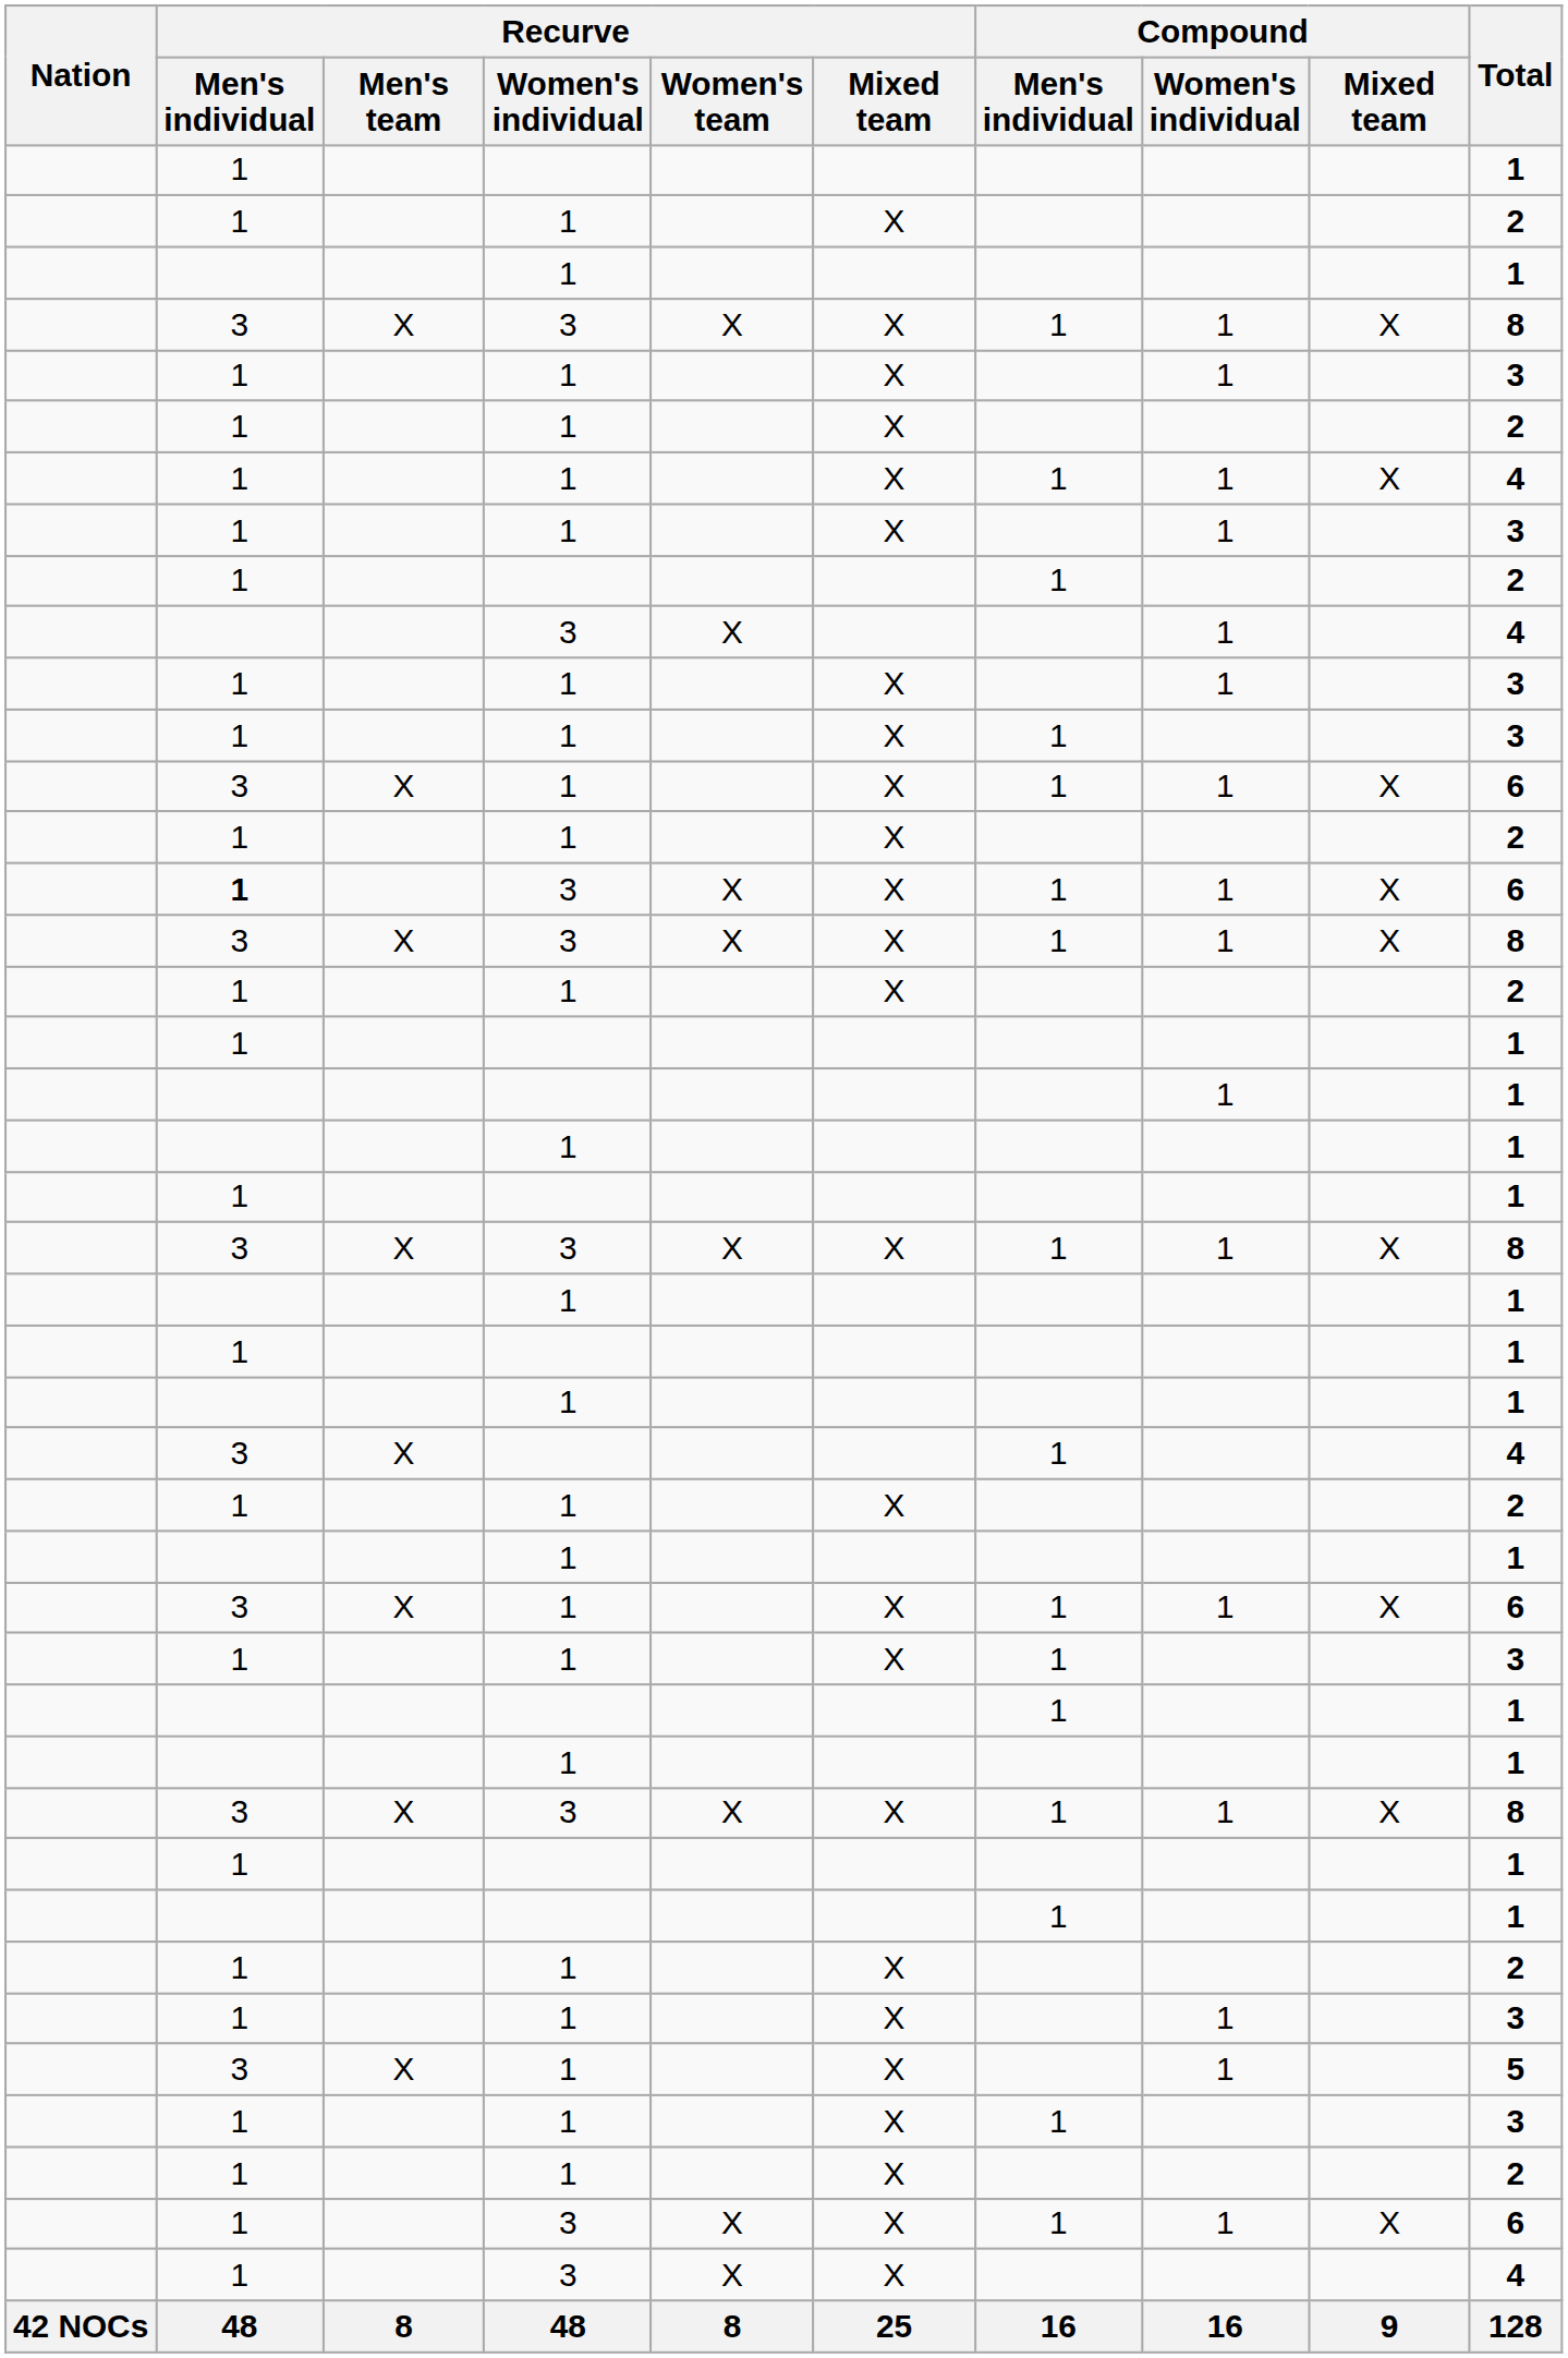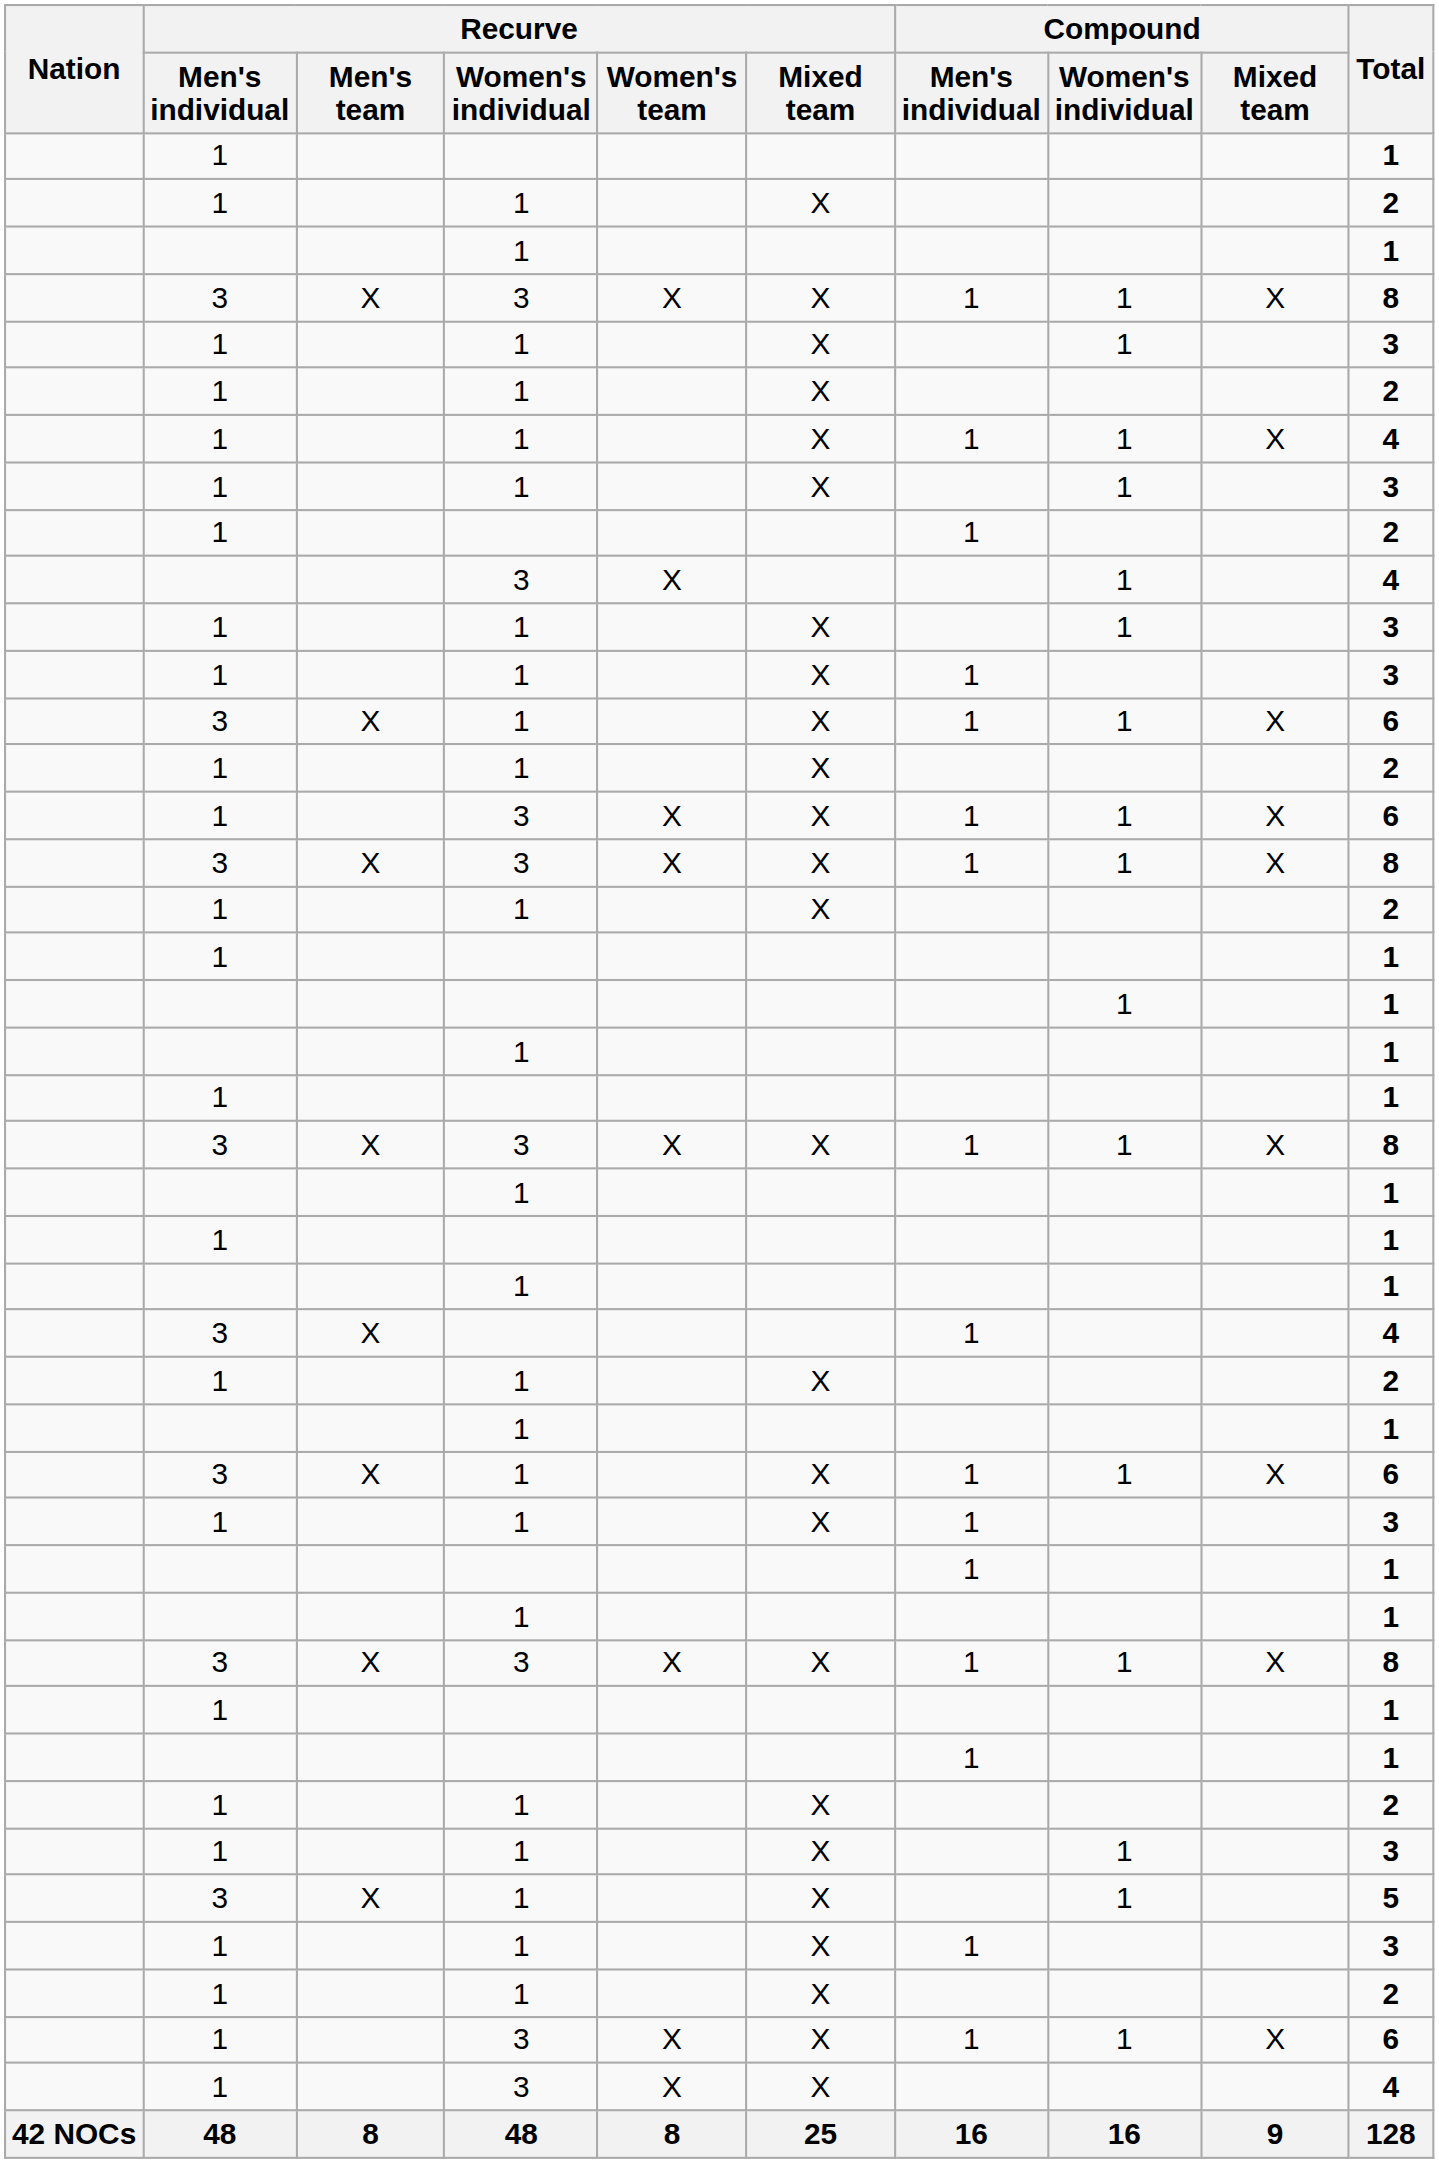 <table class="wikitable" style="text-align:center; font-size:90%">
 <tr>
 <th rowspan=2 align=left>Nation</th>
 <th colspan=5>Recurve</th>
 <th colspan=3>Compound</th>
 <th rowspan=2>Total</th>
 </tr>
 <tr>
 <th width=65>Men's<br>individual</th>
 <th width=65>Men's<br>team</th>
 <th width=65>Women's<br>individual</th>
 <th width=65>Women's<br>team</th>
 <th width=65>Mixed<br>team</th>
 <th width=65>Men's<br>individual</th>
 <th width=65>Women's<br>individual</th>
 <th width=65>Mixed<br>team</th>
 </tr>
 <tr>
 <td align=left></td>
 <td>1</td>
 <td></td>
 <td></td>
 <td></td>
 <td></td>
 <td></td>
 <td></td>
 <td></td>
 <td><strong>1</strong></td>
 </tr>
 <tr>
 <td align=left></td>
 <td>1</td>
 <td></td>
 <td>1</td>
 <td></td>
 <td>X</td>
 <td></td>
 <td></td>
 <td></td>
 <td><strong>2</strong></td>
 </tr>
 <tr>
 <td align=left></td>
 <td></td>
 <td></td>
 <td>1</td>
 <td></td>
 <td></td>
 <td></td>
 <td></td>
 <td></td>
 <td><strong>1</strong></td>
 </tr>
 <tr>
 <td align=left></td>
 <td>3</td>
 <td>X</td>
 <td>3</td>
 <td>X</td>
 <td>X</td>
 <td>1</td>
 <td>1</td>
 <td>X</td>
 <td><strong>8</strong></td>
 </tr>
 <tr>
 <td align=left></td>
 <td>1</td>
 <td></td>
 <td>1</td>
 <td></td>
 <td>X</td>
 <td></td>
 <td>1</td>
 <td></td>
 <td><strong>3</strong></td>
 </tr>
 <tr>
 <td align=left></td>
 <td>1</td>
 <td></td>
 <td>1</td>
 <td></td>
 <td>X</td>
 <td></td>
 <td></td>
 <td></td>
 <td><strong>2</strong></td>
 </tr>
 <tr>
 <td align=left></td>
 <td>1</td>
 <td></td>
 <td>1</td>
 <td></td>
 <td>X</td>
 <td>1</td>
 <td>1</td>
 <td>X</td>
 <td><strong>4</strong></td>
 </tr>
 <tr>
 <td align=left></td>
 <td>1</td>
 <td></td>
 <td>1</td>
 <td></td>
 <td>X</td>
 <td></td>
 <td>1</td>
 <td></td>
 <td><strong>3</strong></td>
 </tr>
 <tr>
 <td align=left></td>
 <td>1</td>
 <td></td>
 <td></td>
 <td></td>
 <td></td>
 <td>1</td>
 <td></td>
 <td></td>
 <td><strong>2</strong></td>
 </tr>
 <tr>
 <td align=left></td>
 <td></td>
 <td></td>
 <td>3</td>
 <td>X</td>
 <td></td>
 <td></td>
 <td>1</td>
 <td></td>
 <td><strong>4</strong></td>
 </tr>
 <tr>
 <td align=left></td>
 <td>1</td>
 <td></td>
 <td>1</td>
 <td></td>
 <td>X</td>
 <td></td>
 <td>1</td>
 <td></td>
 <td><strong>3</strong></td>
 </tr>
 <tr>
 <td align=left></td>
 <td>1</td>
 <td></td>
 <td>1</td>
 <td></td>
 <td>X</td>
 <td>1</td>
 <td></td>
 <td></td>
 <td><strong>3</strong></td>
 </tr>
 <tr>
 <td align=left></td>
 <td>3</td>
 <td>X</td>
 <td>1</td>
 <td></td>
 <td>X</td>
 <td>1</td>
 <td>1</td>
 <td>X</td>
 <td><strong>6</strong></td>
 </tr>
 <tr>
 <td align=left></td>
 <td>1</td>
 <td></td>
 <td>1</td>
 <td></td>
 <td>X</td>
 <td></td>
 <td></td>
 <td></td>
 <td><strong>2</strong></td>
 </tr>
 <tr>
 <td align=left></td>
-<td><strong>1</strong></td>
+<td>1</td>
 <td></td>
 <td>3</td>
 <td>X</td>
 <td>X</td>
 <td>1</td>
 <td>1</td>
 <td>X</td>
 <td><strong>6</strong></td>
 </tr>
 <tr>
 <td align=left></td>
 <td>3</td>
 <td>X</td>
 <td>3</td>
 <td>X</td>
 <td>X</td>
 <td>1</td>
 <td>1</td>
 <td>X</td>
 <td><strong>8</strong></td>
 </tr>
 <tr>
 <td align=left></td>
 <td>1</td>
 <td></td>
 <td>1</td>
 <td></td>
 <td>X</td>
 <td></td>
 <td></td>
 <td></td>
 <td><strong>2</strong></td>
 </tr>
 <tr>
 <td align=left></td>
 <td>1</td>
 <td></td>
 <td></td>
 <td></td>
 <td></td>
 <td></td>
 <td></td>
 <td></td>
 <td><strong>1</strong></td>
 </tr>
 <tr>
 <td align=left></td>
 <td></td>
 <td></td>
 <td></td>
 <td></td>
 <td></td>
 <td></td>
 <td>1</td>
 <td></td>
 <td><strong>1</strong></td>
 </tr>
 <tr>
 <td align=left></td>
 <td></td>
 <td></td>
 <td>1</td>
 <td></td>
 <td></td>
 <td></td>
 <td></td>
 <td></td>
 <td><strong>1</strong></td>
 </tr>
 <tr>
 <td align=left></td>
 <td>1</td>
 <td></td>
 <td></td>
 <td></td>
 <td></td>
 <td></td>
 <td></td>
 <td></td>
 <td><strong>1</strong></td>
 </tr>
 <tr>
 <td align=left></td>
 <td>3</td>
 <td>X</td>
 <td>3</td>
 <td>X</td>
 <td>X</td>
 <td>1</td>
 <td>1</td>
 <td>X</td>
 <td><strong>8</strong></td>
 </tr>
 <tr>
 <td align=left></td>
 <td></td>
 <td></td>
 <td>1</td>
 <td></td>
 <td></td>
 <td></td>
 <td></td>
 <td></td>
 <td><strong>1</strong></td>
 </tr>
 <tr>
 <td align=left></td>
 <td>1</td>
 <td></td>
 <td></td>
 <td></td>
 <td></td>
 <td></td>
 <td></td>
 <td></td>
 <td><strong>1</strong></td>
 </tr>
 <tr>
 <td align=left></td>
 <td></td>
 <td></td>
 <td>1</td>
 <td></td>
 <td></td>
 <td></td>
 <td></td>
 <td></td>
 <td><strong>1</strong></td>
 </tr>
 <tr>
 <td align=left></td>
 <td>3</td>
 <td>X</td>
 <td></td>
 <td></td>
 <td></td>
 <td>1</td>
 <td></td>
 <td></td>
 <td><strong>4</strong></td>
 </tr>
 <tr>
 <td align=left></td>
 <td>1</td>
 <td></td>
 <td>1</td>
 <td></td>
 <td>X</td>
 <td></td>
 <td></td>
 <td></td>
 <td><strong>2</strong></td>
 </tr>
 <tr>
 <td align=left></td>
 <td></td>
 <td></td>
 <td>1</td>
 <td></td>
 <td></td>
 <td></td>
 <td></td>
 <td></td>
 <td><strong>1</strong></td>
 </tr>
 <tr>
 <td align=left></td>
 <td>3</td>
 <td>X</td>
 <td>1</td>
 <td></td>
 <td>X</td>
 <td>1</td>
 <td>1</td>
 <td>X</td>
 <td><strong>6</strong></td>
 </tr>
 <tr>
 <td align=left></td>
 <td>1</td>
 <td></td>
 <td>1</td>
 <td></td>
 <td>X</td>
 <td>1</td>
 <td></td>
 <td></td>
 <td><strong>3</strong></td>
 </tr>
 <tr>
 <td align=left></td>
 <td></td>
 <td></td>
 <td></td>
 <td></td>
 <td></td>
 <td>1</td>
 <td></td>
 <td></td>
 <td><strong>1</strong></td>
 </tr>
 <tr>
 <td align=left></td>
 <td></td>
 <td></td>
 <td>1</td>
 <td></td>
 <td></td>
 <td></td>
 <td></td>
 <td></td>
 <td><strong>1</strong></td>
 </tr>
 <tr>
 <td align=left></td>
 <td>3</td>
 <td>X</td>
 <td>3</td>
 <td>X</td>
 <td>X</td>
 <td>1</td>
 <td>1</td>
 <td>X</td>
 <td><strong>8</strong></td>
 </tr>
 <tr>
 <td align=left></td>
 <td>1</td>
 <td></td>
 <td></td>
 <td></td>
 <td></td>
 <td></td>
 <td></td>
 <td></td>
 <td><strong>1</strong></td>
 </tr>
 <tr>
 <td align=left></td>
 <td></td>
 <td></td>
 <td></td>
 <td></td>
 <td></td>
 <td>1</td>
 <td></td>
 <td></td>
 <td><strong>1</strong></td>
 </tr>
 <tr>
 <td align=left></td>
 <td>1</td>
 <td></td>
 <td>1</td>
 <td></td>
 <td>X</td>
 <td></td>
 <td></td>
 <td></td>
 <td><strong>2</strong></td>
 </tr>
 <tr>
 <td align=left></td>
 <td>1</td>
 <td></td>
 <td>1</td>
 <td></td>
 <td>X</td>
 <td></td>
 <td>1</td>
 <td></td>
 <td><strong>3</strong></td>
 </tr>
 <tr>
 <td align=left></td>
 <td>3</td>
 <td>X</td>
 <td>1</td>
 <td></td>
 <td>X</td>
 <td></td>
 <td>1</td>
 <td></td>
 <td><strong>5</strong></td>
 </tr>
 <tr>
 <td align=left></td>
 <td>1</td>
 <td></td>
 <td>1</td>
 <td></td>
 <td>X</td>
 <td>1</td>
 <td></td>
 <td></td>
 <td><strong>3</strong></td>
 </tr>
 <tr>
 <td align=left></td>
 <td>1</td>
 <td></td>
 <td>1</td>
 <td></td>
 <td>X</td>
 <td></td>
 <td></td>
 <td></td>
 <td><strong>2</strong></td>
 </tr>
 <tr>
 <td align=left></td>
 <td>1</td>
 <td></td>
 <td>3</td>
 <td>X</td>
 <td>X</td>
 <td>1</td>
 <td>1</td>
 <td>X</td>
 <td><strong>6</strong></td>
 </tr>
 <tr>
 <td align=left></td>
 <td>1</td>
 <td></td>
 <td>3</td>
 <td>X</td>
 <td>X</td>
 <td></td>
 <td></td>
 <td></td>
 <td><strong>4</strong></td>
 </tr>
 <tr>
 <th>42 NOCs</th>
 <th>48</th>
 <th>8</th>
 <th>48</th>
 <th>8</th>
 <th>25</th>
 <th>16</th>
 <th>16</th>
 <th>9</th>
 <th>128</th>
 </tr>
 </table>
